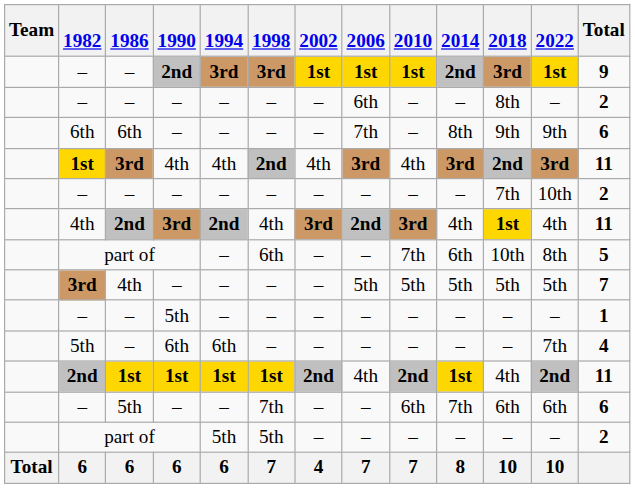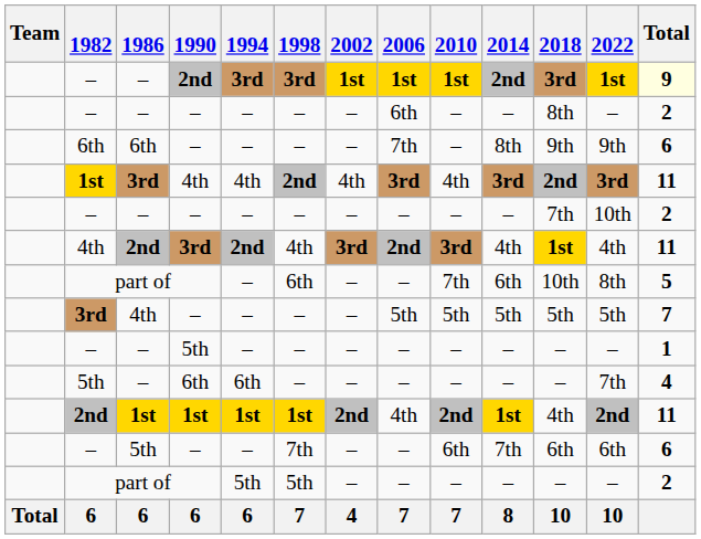 <table class="wikitable" style="text-align:center">
 <tr>
 <th>Team</th>
 <th><br><a href='#'>1982</a></th>
 <th><br><a href='#'>1986</a></th>
 <th><br><a href='#'>1990</a></th>
 <th><br><a href='#'>1994</a></th>
 <th><br><a href='#'>1998</a></th>
 <th><br><a href='#'>2002</a></th>
 <th><br><a href='#'>2006</a></th>
 <th><br><a href='#'>2010</a></th>
 <th><br><a href='#'>2014</a></th>
 <th><br><a href='#'>2018</a></th>
 <th><br><a href='#'>2022</a></th>
 <th>Total</th>
 </tr>
 <tr>
 <td align=left></td>
 <td>–</td>
 <td>–</td>
 <td bgcolor=silver><strong>2nd</strong></td>
 <td bgcolor=cc9966><strong>3rd</strong></td>
 <td bgcolor=cc9966><strong>3rd</strong></td>
 <td bgcolor=gold><strong>1st</strong></td>
 <td bgcolor=gold><strong>1st</strong></td>
 <td bgcolor=gold><strong>1st</strong></td>
 <td bgcolor=silver><strong>2nd</strong></td>
 <td bgcolor=cc9966><strong>3rd</strong></td>
 <td bgcolor=gold><strong>1st</strong></td>
-<td><strong>9</strong></td>
+<td style="background: lightyellow;"><strong>9</strong></td>
 </tr>
 <tr>
 <td align=left></td>
 <td>–</td>
 <td>–</td>
 <td>–</td>
 <td>–</td>
 <td>–</td>
 <td>–</td>
 <td>6th</td>
 <td>–</td>
 <td>–</td>
 <td>8th</td>
 <td>–</td>
 <td><strong>2</strong></td>
 </tr>
 <tr>
 <td align=left></td>
 <td>6th</td>
 <td>6th</td>
 <td>–</td>
 <td>–</td>
 <td>–</td>
 <td>–</td>
 <td>7th</td>
 <td>–</td>
 <td>8th</td>
 <td>9th</td>
 <td>9th</td>
 <td><strong>6</strong></td>
 </tr>
 <tr>
 <td align=left></td>
 <td bgcolor=gold><strong>1st</strong></td>
 <td bgcolor=cc9966><strong>3rd</strong></td>
 <td>4th</td>
 <td>4th</td>
 <td bgcolor=silver><strong>2nd</strong></td>
 <td>4th</td>
 <td bgcolor=cc9966><strong>3rd</strong></td>
 <td>4th</td>
 <td bgcolor=cc9966><strong>3rd</strong></td>
 <td bgcolor=silver><strong>2nd</strong></td>
 <td bgcolor=cc9966><strong>3rd</strong></td>
 <td><strong>11</strong></td>
 </tr>
 <tr>
 <td align=left></td>
 <td>–</td>
 <td>–</td>
 <td>–</td>
 <td>–</td>
 <td>–</td>
 <td>–</td>
 <td>–</td>
 <td>–</td>
 <td>–</td>
 <td>7th</td>
 <td>10th</td>
 <td><strong>2</strong></td>
 </tr>
 <tr>
 <td align=left></td>
 <td>4th</td>
 <td bgcolor=silver><strong>2nd</strong></td>
 <td bgcolor=cc9966><strong>3rd</strong></td>
 <td bgcolor=silver><strong>2nd</strong></td>
 <td>4th</td>
 <td bgcolor=cc9966><strong>3rd</strong></td>
 <td bgcolor=silver><strong>2nd</strong></td>
 <td bgcolor=cc9966><strong>3rd</strong></td>
 <td>4th</td>
 <td bgcolor=gold><strong>1st</strong></td>
 <td>4th</td>
 <td><strong>11</strong></td>
 </tr>
 <tr>
 <td align=left></td>
 <td colspan=3>part of </td>
 <td>–</td>
 <td>6th</td>
 <td>–</td>
 <td>–</td>
 <td>7th</td>
 <td>6th</td>
 <td>10th</td>
 <td>8th</td>
 <td><strong>5</strong></td>
 </tr>
 <tr>
 <td align=left></td>
 <td bgcolor=cc9966><strong>3rd</strong></td>
 <td>4th</td>
 <td>–</td>
 <td>–</td>
 <td>–</td>
 <td>–</td>
 <td>5th</td>
 <td>5th</td>
 <td>5th</td>
 <td>5th</td>
 <td>5th</td>
 <td><strong>7</strong></td>
 </tr>
 <tr>
 <td align=left></td>
 <td>–</td>
 <td>–</td>
 <td>5th</td>
 <td>–</td>
 <td>–</td>
 <td>–</td>
 <td>–</td>
 <td>–</td>
 <td>–</td>
 <td>–</td>
 <td>–</td>
 <td><strong>1</strong></td>
 </tr>
 <tr>
 <td align=left></td>
 <td>5th</td>
 <td>–</td>
 <td>6th</td>
 <td>6th</td>
 <td>–</td>
 <td>–</td>
 <td>–</td>
 <td>–</td>
 <td>–</td>
 <td>–</td>
 <td>7th</td>
 <td><strong>4</strong></td>
 </tr>
 <tr>
 <td align=left></td>
 <td bgcolor=silver><strong>2nd</strong></td>
 <td bgcolor=gold><strong>1st</strong></td>
 <td bgcolor=gold><strong>1st</strong></td>
 <td bgcolor=gold><strong>1st</strong></td>
 <td bgcolor=gold><strong>1st</strong></td>
 <td bgcolor=silver><strong>2nd</strong></td>
 <td>4th</td>
 <td bgcolor=silver><strong>2nd</strong></td>
 <td bgcolor=gold><strong>1st</strong></td>
 <td>4th</td>
 <td bgcolor=silver><strong>2nd</strong></td>
 <td><strong>11</strong></td>
 </tr>
 <tr>
 <td align=left></td>
 <td>–</td>
 <td>5th</td>
 <td>–</td>
 <td>–</td>
 <td>7th</td>
 <td>–</td>
 <td>–</td>
 <td>6th</td>
 <td>7th</td>
 <td>6th</td>
 <td>6th</td>
 <td><strong>6</strong></td>
 </tr>
 <tr>
 <td align=left></td>
 <td colspan=3>part of </td>
 <td>5th</td>
 <td>5th</td>
 <td>–</td>
 <td>–</td>
 <td>–</td>
 <td>–</td>
 <td>–</td>
 <td>–</td>
 <td><strong>2</strong></td>
 </tr>
 <tr>
 <th>Total</th>
 <th>6</th>
 <th>6</th>
 <th>6</th>
 <th>6</th>
 <th>7</th>
 <th>4</th>
 <th>7</th>
 <th>7</th>
 <th>8</th>
 <th>10</th>
 <th>10</th>
 <th></th>
 </tr>
 </table>
